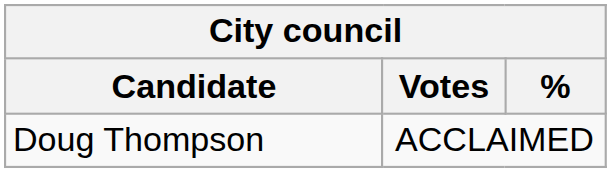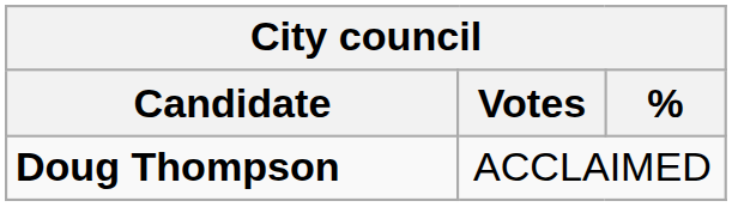 <table class="wikitable">
 <tr>
 <th colspan="3">City council</th>
 </tr>
 <tr>
 <th style="width: 170px">Candidate</th>
 <th style="width: 50px">Votes</th>
 <th style="width: 40px">%</th>
 </tr>
 <tr>
-<td>Doug Thompson</td>
+<td><strong>Doug Thompson</strong></td>
 <td colspan="2" align="center">ACCLAIMED</td>
 </tr>
 </table>
